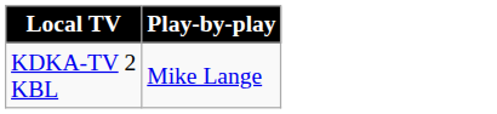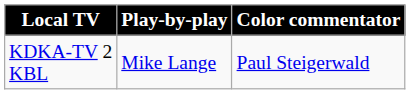 <table class="wikitable sortable sortable">
 <tr>
 <th style="color:white; background:#000000; ">Local TV</th>
 <th style="color:white; background:#000000; ">Play-by-play</th>
+<th style="color:white; background:#000000; ">Color commentator</th>
 </tr>
 <tr>
 <td><a href='#'>KDKA-TV</a> 2<br><a href='#'>KBL</a></td>
 <td><a href='#'>Mike Lange</a></td>
+<td><a href='#'>Paul Steigerwald</a></td>
 </tr>
 </table>
